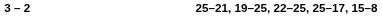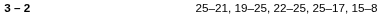 <table width=100% cellspacing=1>
 <tr>
 <th width=20%></th>
 <th width=12%></th>
 <th width=20%></th>
 <th width=33%></th>
 <td></td>
 </tr>
 <tr style=font-size:95%>
 <td align=right><strong></strong></td>
 <td align=center><strong>3 – 2</strong></td>
 <td></td>
-<td><strong>25–21, 19–25, 22–25, 25–17, 15–8</strong></td>
+<td>25–21, 19–25, 22–25, 25–17, 15–8</td>
 </tr>
 </table>
